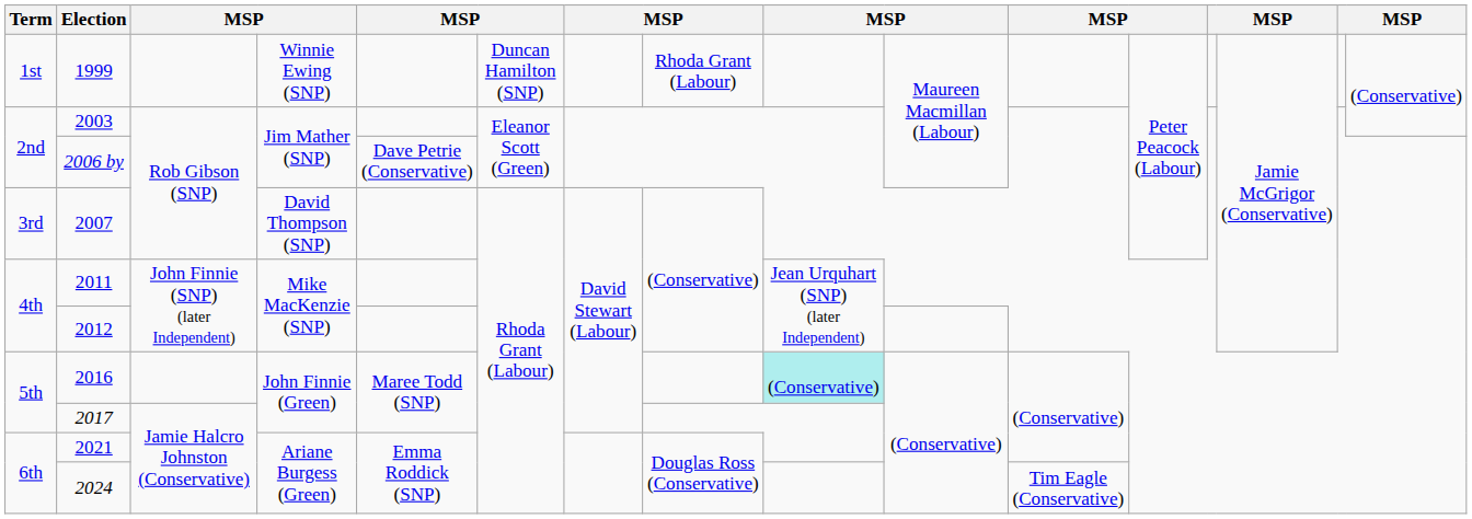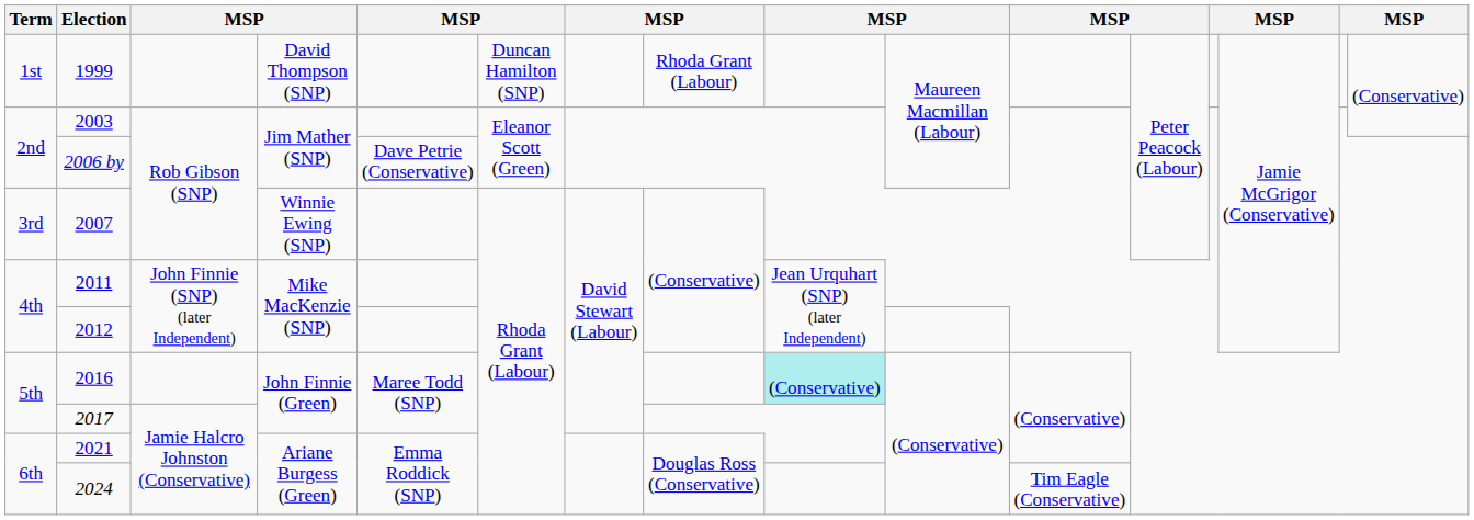 <table class="wikitable" style="text-align:center">
 <tr>
 <th>Term</th>
 <th>Election</th>
 <th colspan="2">MSP</th>
 <th colspan="2">MSP</th>
 <th colspan="2">MSP</th>
 <th colspan="2">MSP</th>
 <th colspan="2">MSP</th>
 <th colspan="2">MSP</th>
 <th colspan="2">MSP</th>
 </tr>
 <tr>
 <td><a href='#'>1st</a></td>
 <td><a href='#'>1999</a></td>
 <td></td>
-<td><a href='#'>Winnie Ewing</a> <br>(<a href='#'>SNP</a>)</td>
+<td><a href='#'>David Thompson</a><br>(<a href='#'>SNP</a>)</td>
 <td></td>
 <td><a href='#'>Duncan Hamilton</a><br>(<a href='#'>SNP</a>)</td>
 <td></td>
 <td><a href='#'>Rhoda Grant</a><br>(<a href='#'>Labour</a>)</td>
 <td></td>
 <td rowspan="3"><a href='#'>Maureen Macmillan</a><br>(<a href='#'>Labour</a>)</td>
 <td></td>
 <td rowspan="4"><a href='#'>Peter Peacock</a><br>(<a href='#'>Labour</a>)</td>
 <td></td>
 <td rowspan="6"><a href='#'>Jamie McGrigor</a><br>(<a href='#'>Conservative</a>)</td>
 <td></td>
 <td rowspan="2"><br>(<a href='#'>Conservative</a>)</td>
 </tr>
 <tr>
 <td rowspan="2"><a href='#'>2nd</a></td>
 <td><a href='#'>2003</a></td>
 <td rowspan="3"><a href='#'>Rob Gibson</a><br>(<a href='#'>SNP</a>)</td>
 <td rowspan="2"><a href='#'>Jim Mather</a><br>(<a href='#'>SNP</a>)</td>
 <td></td>
 <td rowspan="2"><a href='#'>Eleanor Scott</a><br>(<a href='#'>Green</a>)</td>
 </tr>
 <tr>
 <td><em><a href='#'>2006 by</a></em></td>
 <td><a href='#'>Dave Petrie</a><br>(<a href='#'>Conservative</a>)</td>
 </tr>
 <tr>
 <td><a href='#'>3rd</a></td>
 <td><a href='#'>2007</a></td>
-<td><a href='#'>David Thompson</a><br>(<a href='#'>SNP</a>)</td>
+<td><a href='#'>Winnie Ewing</a> <br>(<a href='#'>SNP</a>)</td>
 <td></td>
 <td rowspan="7"><a href='#'>Rhoda Grant</a><br>(<a href='#'>Labour</a>)</td>
 <td rowspan="5"><a href='#'>David Stewart</a><br>(<a href='#'>Labour</a>)</td>
 <td rowspan="3"><br>(<a href='#'>Conservative</a>)</td>
 </tr>
 <tr>
 <td rowspan="2"><a href='#'>4th</a></td>
 <td><a href='#'>2011</a></td>
 <td rowspan="2"><a href='#'>John Finnie</a><br>(<a href='#'>SNP</a>)<br><small>(later <a href='#'>Independent</a>)</small></td>
 <td rowspan="2"><a href='#'>Mike MacKenzie</a><br>(<a href='#'>SNP</a>)</td>
 <td></td>
 <td rowspan="2"><a href='#'>Jean Urquhart</a><br>(<a href='#'>SNP</a>)<br><small>(later <a href='#'>Independent</a>)</small></td>
 </tr>
 <tr>
 <td><a href='#'>2012</a></td>
 <td></td>
 <td></td>
 </tr>
 <tr>
 <td rowspan="2"><a href='#'>5th</a></td>
 <td><a href='#'>2016</a></td>
 <td></td>
 <td rowspan="2"><a href='#'>John Finnie</a><br>(<a href='#'>Green</a>)</td>
 <td rowspan="2"><a href='#'>Maree Todd</a><br>(<a href='#'>SNP</a>)</td>
 <td></td>
 <td style="background: paleturquoise;"><br>(<a href='#'>Conservative</a>)</td>
 <td rowspan="4"><br>(<a href='#'>Conservative</a>)</td>
 <td rowspan="3"><br>(<a href='#'>Conservative</a>)</td>
 </tr>
 <tr>
 <td><em>2017</em></td>
 <td rowspan="3"><a href='#'>Jamie Halcro Johnston</a><br><a href='#'>(Conservative)</a></td>
 </tr>
 <tr>
 <td rowspan="2"><a href='#'>6th</a></td>
 <td><a href='#'>2021</a></td>
 <td rowspan="2"><a href='#'>Ariane Burgess</a><br>(<a href='#'>Green</a>)</td>
 <td rowspan="2"><a href='#'>Emma Roddick</a><br>(<a href='#'>SNP</a>)</td>
 <td rowspan="2"></td>
 <td rowspan="2"><a href='#'>Douglas Ross</a><br>(<a href='#'>Conservative</a>)</td>
 </tr>
 <tr>
 <td><em>2024</em></td>
 <td></td>
 <td><a href='#'>Tim Eagle</a><br>(<a href='#'>Conservative</a>)</td>
 </tr>
 </table>
